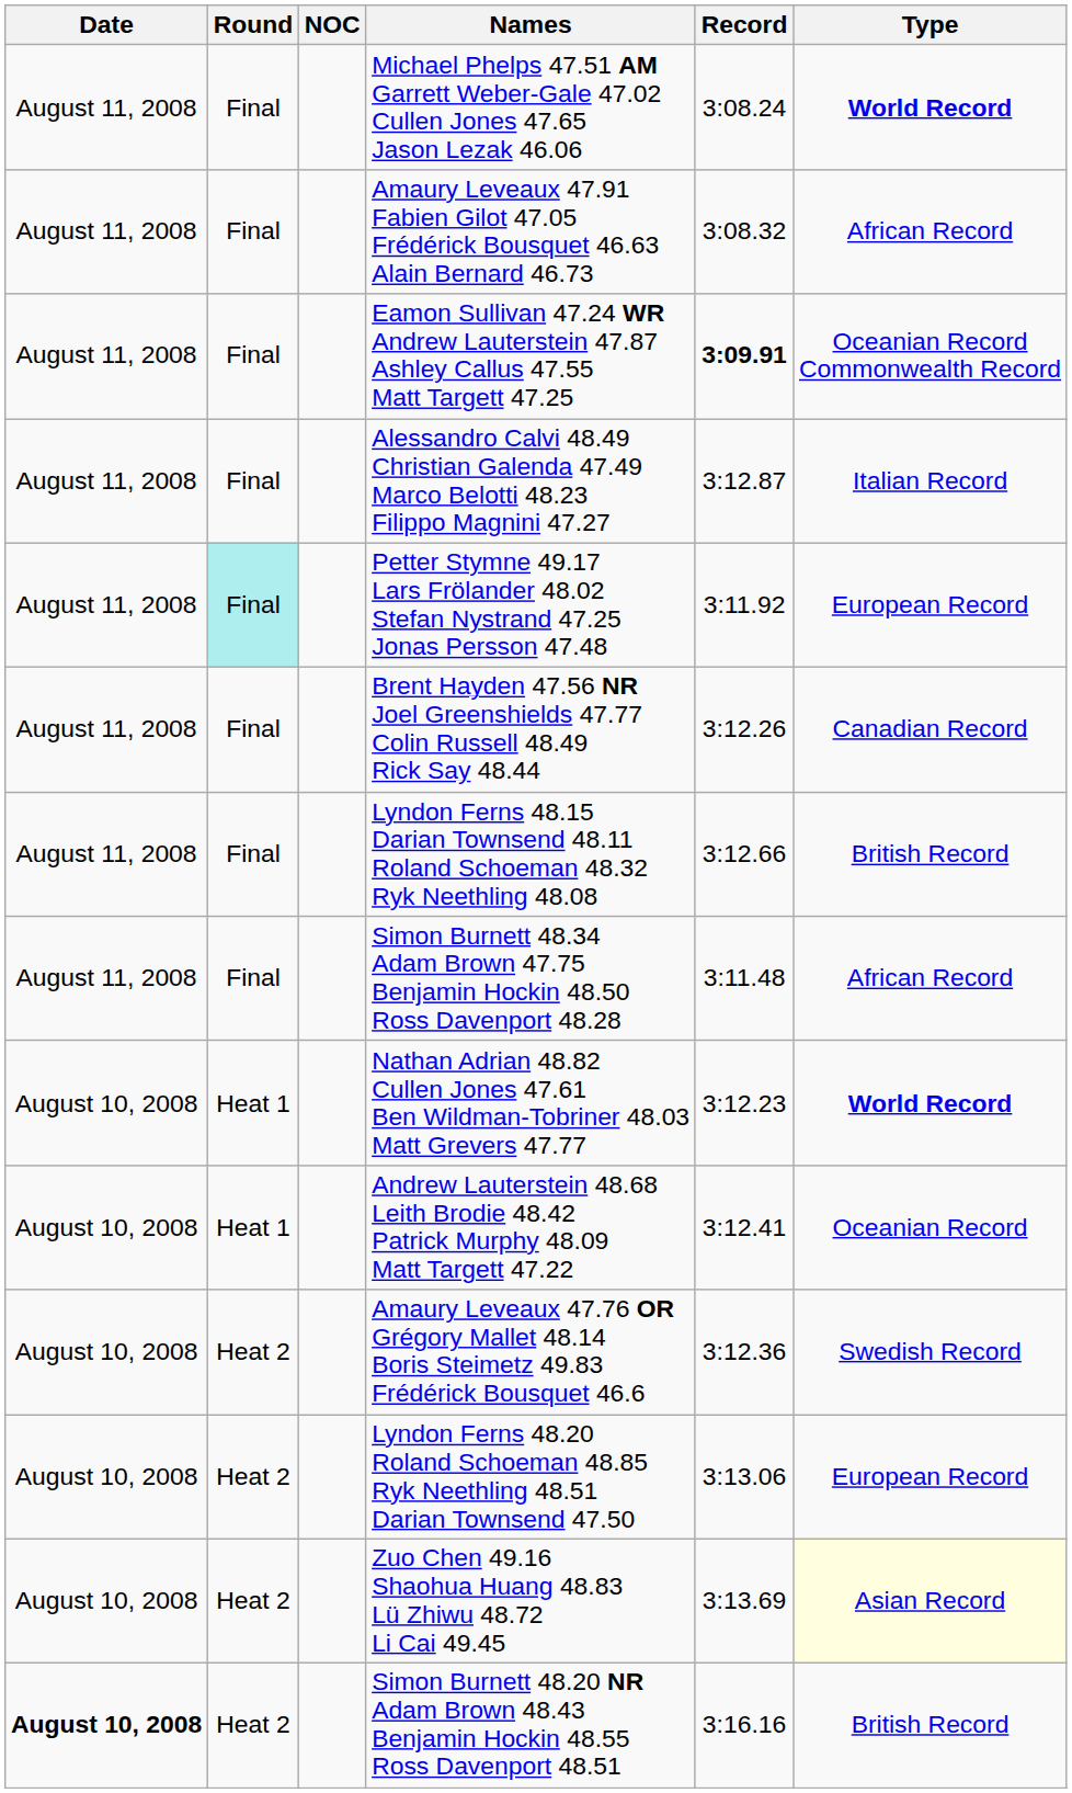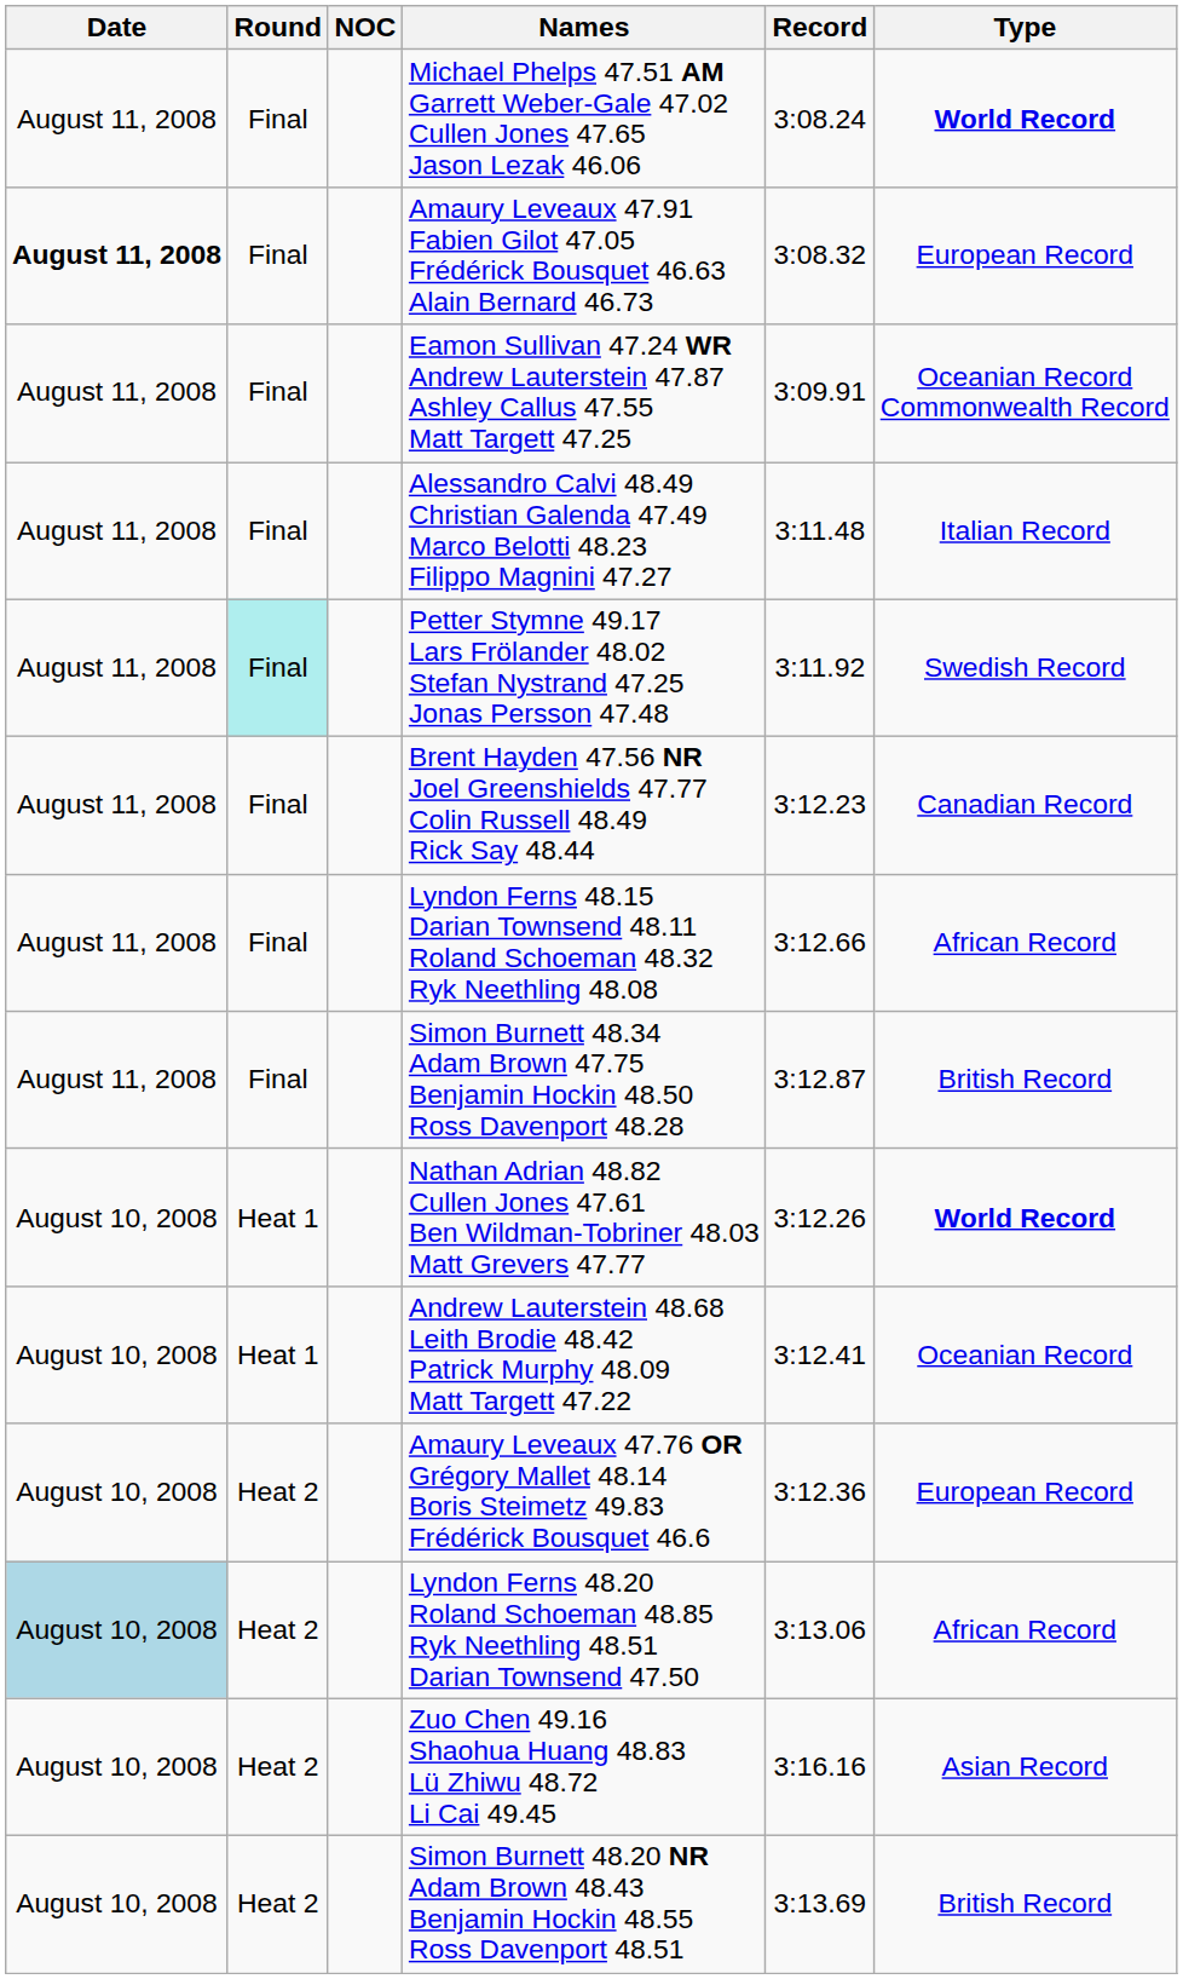 <table class=wikitable>
 <tr>
 <th>Date</th>
 <th>Round</th>
 <th>NOC</th>
 <th>Names</th>
 <th>Record</th>
 <th>Type</th>
 </tr>
 <tr>
 <td align=center>August 11, 2008</td>
 <td align=center>Final</td>
 <td align=left></td>
 <td align=left><a href='#'>Michael Phelps</a> 47.51 <strong>AM</strong><br><a href='#'>Garrett Weber-Gale</a> 47.02<br><a href='#'>Cullen Jones</a> 47.65<br><a href='#'>Jason Lezak</a> 46.06</td>
 <td align=center>3:08.24</td>
 <td align=center><strong><a href='#'>World Record</a></strong></td>
 </tr>
 <tr>
-<td align=center>August 11, 2008</td>
+<td align=center><strong>August 11, 2008</strong></td>
 <td align=center>Final</td>
 <td align=left></td>
 <td align=left><a href='#'>Amaury Leveaux</a> 47.91 <br> <a href='#'>Fabien Gilot</a> 47.05 <br> <a href='#'>Frédérick Bousquet</a> 46.63<br> <a href='#'>Alain Bernard</a> 46.73</td>
 <td align=center>3:08.32</td>
-<td align=center><a href='#'>African Record</a></td>
+<td align=center><a href='#'>European Record</a></td>
 </tr>
 <tr>
 <td align=center>August 11, 2008</td>
 <td align=center>Final</td>
 <td align=left></td>
 <td align=left><a href='#'>Eamon Sullivan</a> 47.24 <strong>WR</strong> <br> <a href='#'>Andrew Lauterstein</a> 47.87 <br> <a href='#'>Ashley Callus</a> 47.55 <br> <a href='#'>Matt Targett</a> 47.25</td>
-<td align=center><strong>3:09.91</strong></td>
+<td align=center>3:09.91</td>
 <td align=center><a href='#'>Oceanian Record</a> <br> <a href='#'>Commonwealth Record</a></td>
 </tr>
 <tr>
 <td align=center>August 11, 2008</td>
 <td align=center>Final</td>
 <td align=left></td>
 <td align=left><a href='#'>Alessandro Calvi</a> 48.49 <br> <a href='#'>Christian Galenda</a> 47.49 <br> <a href='#'>Marco Belotti</a> 48.23 <br> <a href='#'>Filippo Magnini</a> 47.27</td>
-<td align=center>3:12.87</td>
+<td align=center>3:11.48</td>
 <td align=center><a href='#'>Italian Record</a></td>
 </tr>
 <tr>
 <td align=center>August 11, 2008</td>
 <td align=center style="background: paleturquoise;">Final</td>
 <td align=left></td>
 <td align=left><a href='#'>Petter Stymne</a> 49.17 <br> <a href='#'>Lars Frölander</a> 48.02 <br> <a href='#'>Stefan Nystrand</a> 47.25 <br> <a href='#'>Jonas Persson</a> 47.48</td>
 <td align=center>3:11.92</td>
-<td align=center><a href='#'>European Record</a></td>
+<td align=center><a href='#'>Swedish Record</a></td>
 </tr>
 <tr>
 <td align=center>August 11, 2008</td>
 <td align=center>Final</td>
 <td align=left></td>
 <td align=left><a href='#'>Brent Hayden</a> 47.56 <strong>NR</strong><br> <a href='#'>Joel Greenshields</a> 47.77 <br> <a href='#'>Colin Russell</a> 48.49 <br> <a href='#'>Rick Say</a> 48.44</td>
-<td align=center>3:12.26</td>
+<td align=center>3:12.23</td>
 <td align=center><a href='#'>Canadian Record</a></td>
 </tr>
 <tr>
 <td align=center>August 11, 2008</td>
 <td align=center>Final</td>
 <td align=left></td>
 <td align=left><a href='#'>Lyndon Ferns</a> 48.15 <br> <a href='#'>Darian Townsend</a> 48.11 <br> <a href='#'>Roland Schoeman</a> 48.32 <br> <a href='#'>Ryk Neethling</a> 48.08</td>
 <td align=center>3:12.66</td>
-<td align=center><a href='#'>British Record</a></td>
+<td align=center><a href='#'>African Record</a></td>
 </tr>
 <tr>
 <td align=center>August 11, 2008</td>
 <td align=center>Final</td>
 <td align=left></td>
 <td align=left><a href='#'>Simon Burnett</a> 48.34 <br> <a href='#'>Adam Brown</a> 47.75 <br> <a href='#'>Benjamin Hockin</a> 48.50 <br> <a href='#'>Ross Davenport</a> 48.28</td>
-<td align=center>3:11.48</td>
-<td align=center><a href='#'>African Record</a></td>
+<td align=center>3:12.87</td>
+<td align=center><a href='#'>British Record</a></td>
 </tr>
 <tr>
 <td align=center>August 10, 2008</td>
 <td align=center>Heat 1</td>
 <td align=left></td>
 <td align=left><a href='#'>Nathan Adrian</a> 48.82 <br> <a href='#'>Cullen Jones</a> 47.61 <br> <a href='#'>Ben Wildman-Tobriner</a> 48.03<br> <a href='#'>Matt Grevers</a> 47.77</td>
-<td align=center>3:12.23</td>
+<td align=center>3:12.26</td>
 <td align=center><strong><a href='#'>World Record</a></strong></td>
 </tr>
 <tr>
 <td align=center>August 10, 2008</td>
 <td align=center>Heat 1</td>
 <td align=left></td>
 <td align=left><a href='#'>Andrew Lauterstein</a> 48.68 <br> <a href='#'>Leith Brodie</a> 48.42 <br> <a href='#'>Patrick Murphy</a> 48.09 <br> <a href='#'>Matt Targett</a> 47.22</td>
 <td align=center>3:12.41</td>
 <td align=center><a href='#'>Oceanian Record</a></td>
 </tr>
 <tr>
 <td align=center>August 10, 2008</td>
 <td align=center>Heat 2</td>
 <td align=left></td>
 <td align=left><a href='#'>Amaury Leveaux</a> 47.76 <strong>OR</strong><br> <a href='#'>Grégory Mallet</a> 48.14 <br> <a href='#'>Boris Steimetz</a> 49.83<br> <a href='#'>Frédérick Bousquet</a> 46.6</td>
 <td align=center>3:12.36</td>
-<td align=center><a href='#'>Swedish Record</a></td>
+<td align=center><a href='#'>European Record</a></td>
 </tr>
 <tr>
-<td align=center>August 10, 2008</td>
+<td align=center style="background: lightblue;">August 10, 2008</td>
 <td align=center>Heat 2</td>
 <td align=left></td>
 <td align=left><a href='#'>Lyndon Ferns</a> 48.20 <br> <a href='#'>Roland Schoeman</a> 48.85<br> <a href='#'>Ryk Neethling</a> 48.51 <br> <a href='#'>Darian Townsend</a> 47.50</td>
 <td align=center>3:13.06</td>
-<td align=center><a href='#'>European Record</a></td>
+<td align=center><a href='#'>African Record</a></td>
 </tr>
 <tr>
 <td align=center>August 10, 2008</td>
 <td align=center>Heat 2</td>
 <td align=left></td>
 <td align=left><a href='#'>Zuo Chen</a> 49.16<br> <a href='#'>Shaohua Huang</a> 48.83<br> <a href='#'>Lü Zhiwu</a> 48.72<br> <a href='#'>Li Cai</a> 49.45</td>
-<td align=center>3:13.69</td>
-<td align=center style="background: lightyellow;"><a href='#'>Asian Record</a></td>
+<td align=center>3:16.16</td>
+<td align=center><a href='#'>Asian Record</a></td>
 </tr>
 <tr>
-<td align=center><strong>August 10, 2008</strong></td>
+<td align=center>August 10, 2008</td>
 <td align=center>Heat 2</td>
 <td align=left></td>
 <td align=left><a href='#'>Simon Burnett</a> 48.20 <strong>NR</strong><br> <a href='#'>Adam Brown</a> 48.43<br> <a href='#'>Benjamin Hockin</a> 48.55 <br> <a href='#'>Ross Davenport</a> 48.51</td>
-<td align=center>3:16.16</td>
+<td align=center>3:13.69</td>
 <td align=center><a href='#'>British Record</a></td>
 </tr>
 <tr>
 </tr>
 </table>
